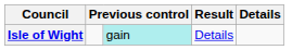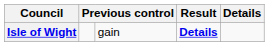 <table class="wikitable sortable" border="1">
 <tr>
 <th scope="col">Council</th>
 <th colspan=2>Previous control</th>
 <th colspan=2>Result</th>
 <th class="unsortable" scope="col">Details</th>
 </tr>
 <tr>
 <th scope="row" style="text-align: left;"><a href='#'>Isle of Wight</a></th>
 <td></td>
-<td style="background: paleturquoise;"> gain</td>
-<td><a href='#'>Details</a></td>
+<td> gain</td>
+<td><strong><a href='#'>Details</a></strong></td>
 </tr>
 </table>
